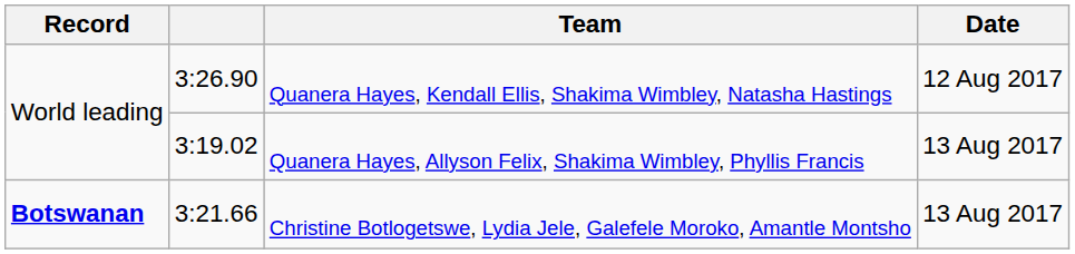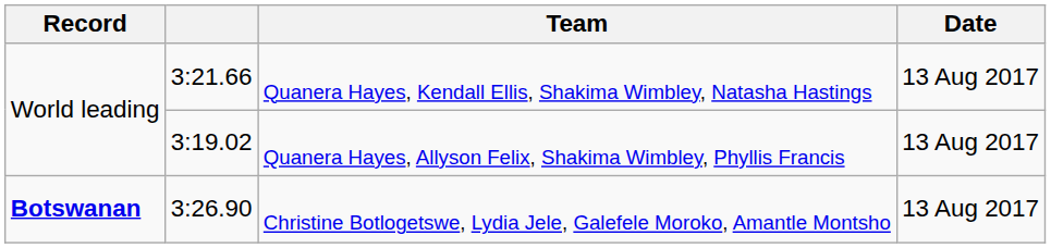 <table class="wikitable">
 <tr>
 <th>Record</th>
 <th></th>
 <th>Team</th>
 <th>Date</th>
 </tr>
 <tr>
 <td rowspan=2>World leading</td>
-<td>3:26.90</td>
+<td>3:21.66</td>
 <td><br><small><a href='#'>Quanera Hayes</a>, <a href='#'>Kendall Ellis</a>, <a href='#'>Shakima Wimbley</a>, <a href='#'>Natasha Hastings</a></small></td>
-<td align=right>12 Aug 2017</td>
+<td align=right>13 Aug 2017</td>
 </tr>
 <tr>
 <td>3:19.02</td>
 <td><br><small><a href='#'>Quanera Hayes</a>, <a href='#'>Allyson Felix</a>, <a href='#'>Shakima Wimbley</a>, <a href='#'>Phyllis Francis</a></small></td>
 <td align=right>13 Aug 2017</td>
 </tr>
 <tr>
 <td><strong><a href='#'>Botswanan</a></strong></td>
-<td>3:21.66</td>
+<td>3:26.90</td>
 <td><br><small><a href='#'>Christine Botlogetswe</a>, <a href='#'>Lydia Jele</a>, <a href='#'>Galefele Moroko</a>, <a href='#'>Amantle Montsho</a></small></td>
 <td align=right>13 Aug 2017</td>
 </tr>
 </table>
